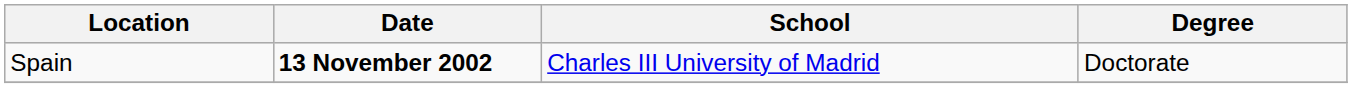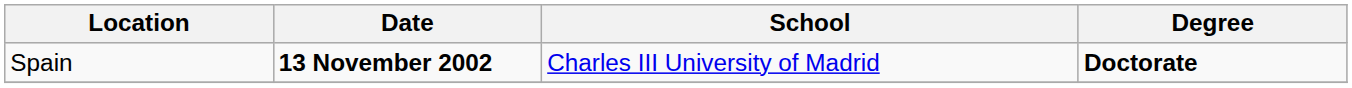 <table class="wikitable" style="width:100%;">
 <tr>
 <th style="width:20%;">Location</th>
 <th style="width:20%;">Date</th>
 <th style="width:40%;">School</th>
 <th style="width:20%;">Degree</th>
 </tr>
 <tr>
 <td>Spain</td>
 <td><strong>13 November 2002</strong></td>
 <td><a href='#'>Charles III University of Madrid</a></td>
-<td>Doctorate</td>
+<td><strong>Doctorate</strong></td>
 </tr>
 <tr>
 </tr>
 </table>
